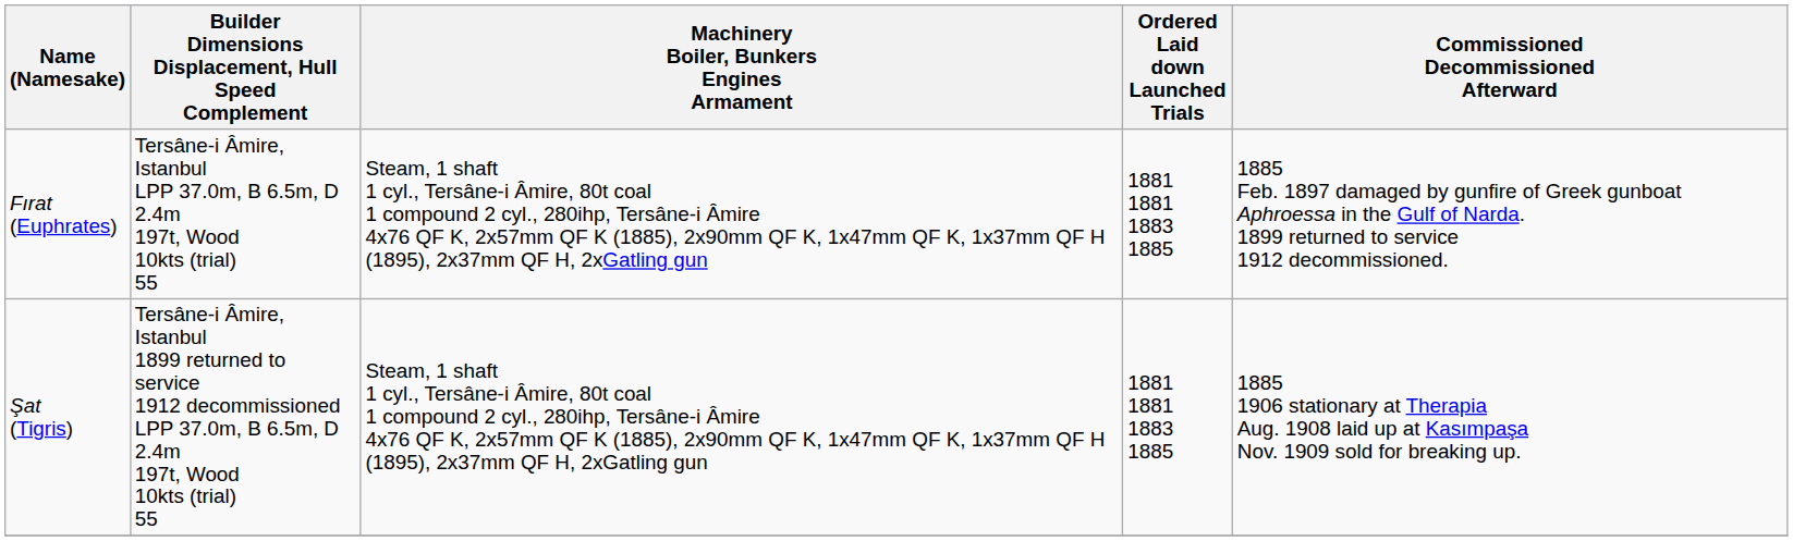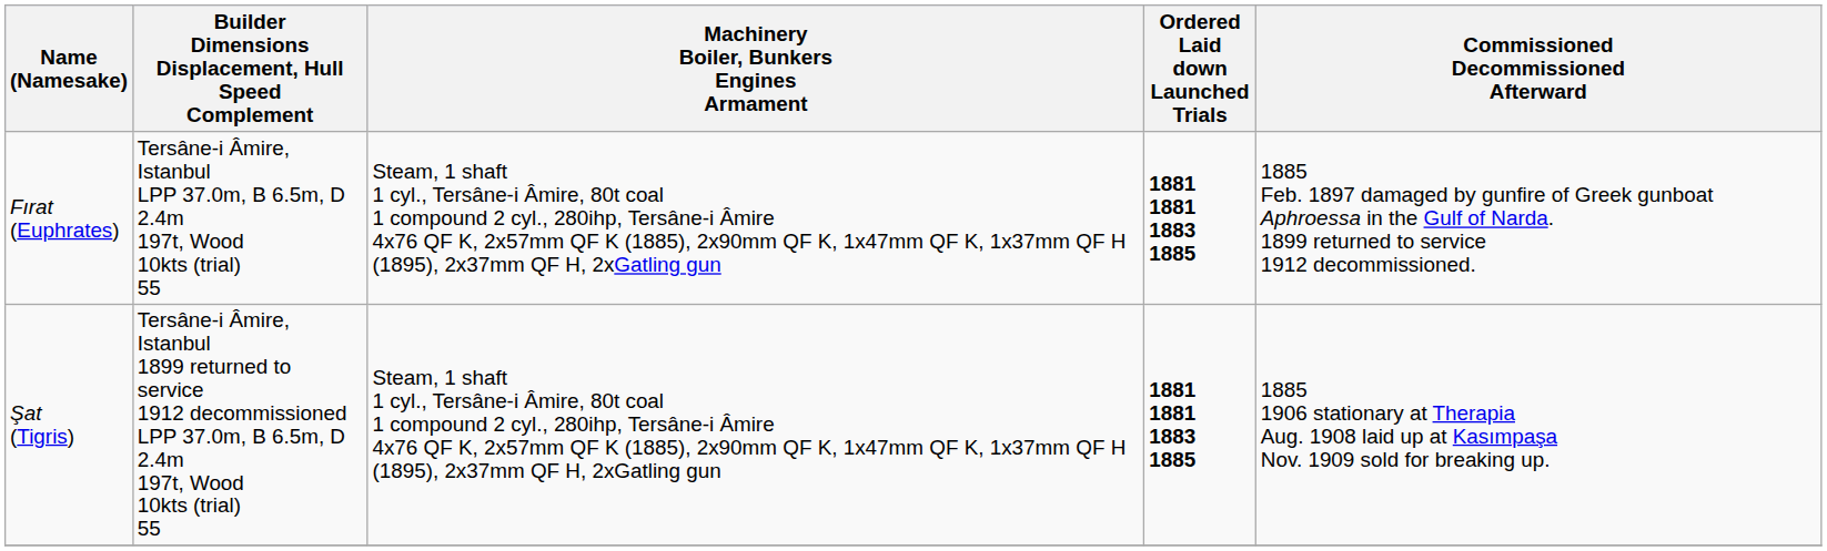 <table class="wikitable" style="font-size:90%;">
 <tr bgcolor="#e6e9ff">
 <th>Name<br>(Namesake)</th>
 <th>Builder<br>Dimensions<br>Displacement, Hull<br>Speed<br>Complement</th>
 <th>Machinery<br>Boiler, Bunkers<br>Engines<br>Armament</th>
 <th>Ordered<br>Laid down<br>Launched<br>Trials</th>
 <th>Commissioned<br>Decommissioned<br>Afterward</th>
 </tr>
 <tr ---->
 <td><em>Fırat</em><br>(<a href='#'>Euphrates</a>)</td>
 <td> Tersâne-i Âmire, Istanbul<br>LPP 37.0m, B 6.5m, D 2.4m<br>197t, Wood<br>10kts (trial)<br>55</td>
 <td>Steam, 1 shaft<br>1 cyl., Tersâne-i Âmire, 80t coal<br>1 compound 2 cyl., 280ihp, Tersâne-i Âmire<br>4x76 QF K, 2x57mm QF K (1885), 2x90mm QF K, 1x47mm QF K, 1x37mm QF H (1895), 2x37mm  QF H, 2x<a href='#'>Gatling gun</a></td>
-<td>1881<br>1881<br>1883<br>1885</td>
+<td><strong>1881<br>1881<br>1883<br>1885</strong></td>
 <td>1885<br>Feb. 1897 damaged by gunfire of Greek gunboat <em>Aphroessa</em> in the <a href='#'>Gulf of Narda</a>.<br>1899 returned to service<br>1912 decommissioned.</td>
 </tr>
 <tr ---->
 <td><em>Şat</em><br>(<a href='#'>Tigris</a>)</td>
 <td> Tersâne-i Âmire, Istanbul<br>1899 returned to service<br>1912 decommissioned<br>LPP 37.0m, B 6.5m, D 2.4m<br>197t, Wood<br>10kts (trial)<br>55</td>
 <td>Steam, 1 shaft<br>1 cyl., Tersâne-i Âmire, 80t coal<br>1 compound 2 cyl., 280ihp, Tersâne-i Âmire<br>4x76 QF K, 2x57mm QF K (1885), 2x90mm QF K, 1x47mm QF K, 1x37mm QF H (1895), 2x37mm  QF H, 2xGatling gun</td>
-<td>1881<br>1881<br>1883<br>1885</td>
+<td><strong>1881<br>1881<br>1883<br>1885</strong></td>
 <td>1885<br>1906 stationary at <a href='#'>Therapia</a><br>Aug. 1908 laid up at <a href='#'>Kasımpaşa</a><br>Nov. 1909 sold for breaking up.</td>
 </tr>
 <tr ---->
 </tr>
 </table>
